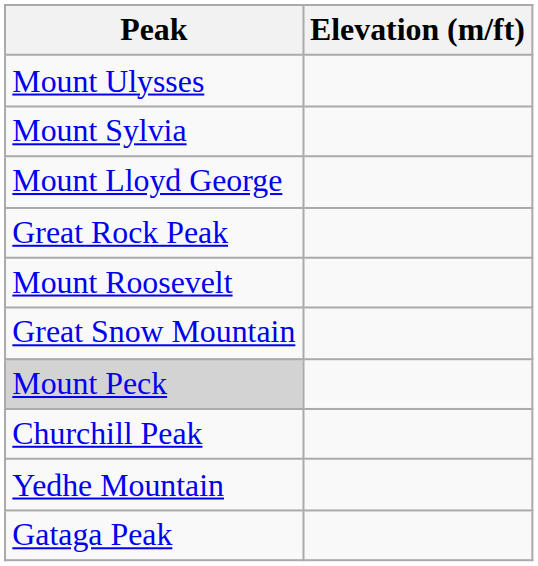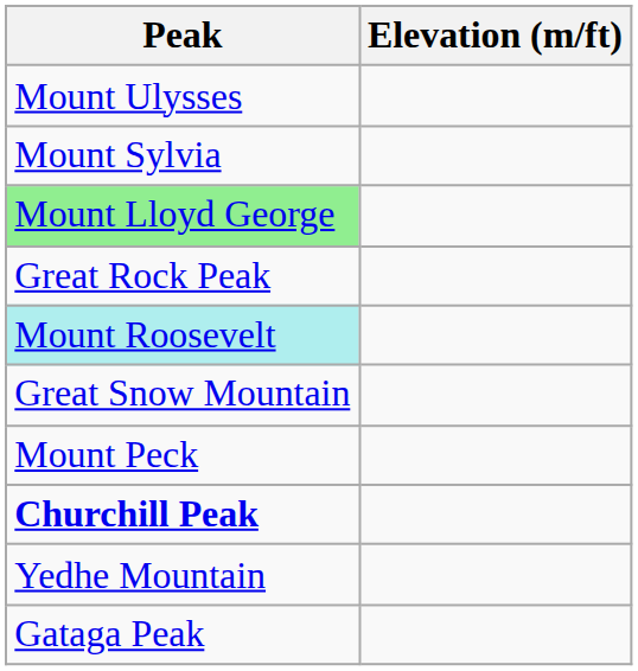 <table class="wikitable sortable">
 <tr>
 <th>Peak</th>
 <th colspan=2>Elevation (m/ft)</th>
 </tr>
 <tr>
 <td><a href='#'>Mount Ulysses</a></td>
 <td></td>
 </tr>
 <tr>
 <td><a href='#'>Mount Sylvia</a></td>
 <td></td>
 </tr>
 <tr>
-<td><a href='#'>Mount Lloyd George</a></td>
+<td style="background: lightgreen;"><a href='#'>Mount Lloyd George</a></td>
 <td></td>
 </tr>
 <tr>
 <td><a href='#'>Great Rock Peak</a></td>
 <td></td>
 </tr>
 <tr>
-<td><a href='#'>Mount Roosevelt</a></td>
+<td style="background: paleturquoise;"><a href='#'>Mount Roosevelt</a></td>
 <td></td>
 </tr>
 <tr>
 <td><a href='#'>Great Snow Mountain</a></td>
 <td></td>
 </tr>
 <tr>
-<td style="background: lightgrey;"><a href='#'>Mount Peck</a></td>
+<td><a href='#'>Mount Peck</a></td>
 <td></td>
 </tr>
 <tr>
-<td><a href='#'>Churchill Peak</a></td>
+<td><strong><a href='#'>Churchill Peak</a></strong></td>
 <td></td>
 </tr>
 <tr>
 <td><a href='#'>Yedhe Mountain</a></td>
 <td></td>
 </tr>
 <tr>
 <td><a href='#'>Gataga Peak</a></td>
 <td></td>
 </tr>
 </table>
